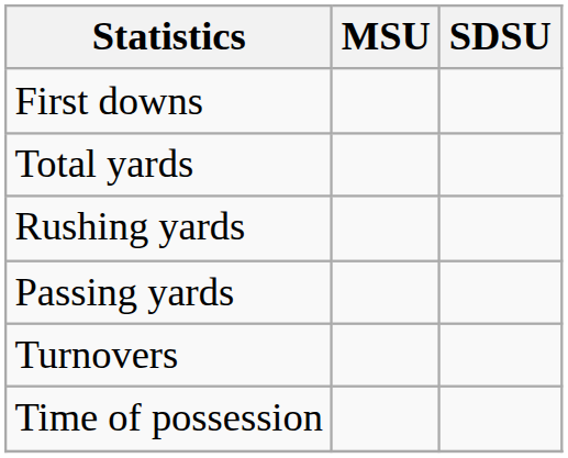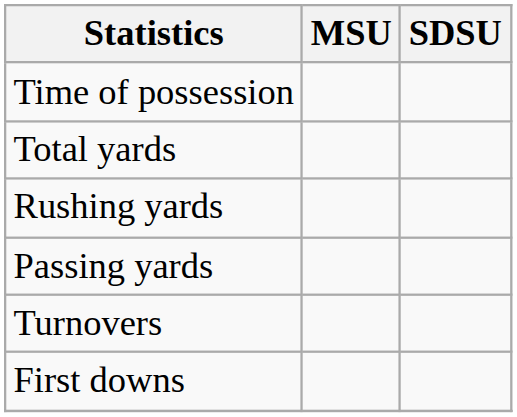 <table class="wikitable">
 <tr>
 <th>Statistics</th>
 <th>MSU</th>
 <th>SDSU</th>
 </tr>
 <tr>
-<td>First downs</td>
+<td>Time of possession</td>
 <td></td>
 <td></td>
 </tr>
 <tr>
 <td>Total yards</td>
 <td></td>
 <td></td>
 </tr>
 <tr>
 <td>Rushing yards</td>
 <td></td>
 <td></td>
 </tr>
 <tr>
 <td>Passing yards</td>
 <td></td>
 <td></td>
 </tr>
 <tr>
 <td>Turnovers</td>
 <td></td>
 <td></td>
 </tr>
 <tr>
-<td>Time of possession</td>
+<td>First downs</td>
 <td></td>
 <td></td>
 </tr>
 <tr>
 </tr>
 </table>
